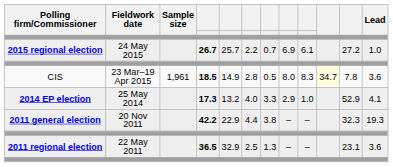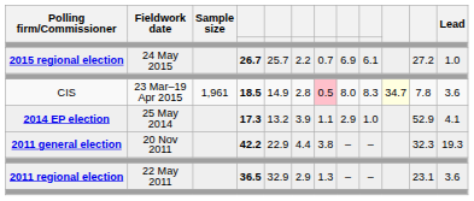 <table class="wikitable collapsible collapsed" style="text-align:center; font-size:90%; line-height:14px;">
 <tr style="height:42px;">
 <th style="width:250px;" rowspan="2">Polling firm/Commissioner</th>
 <th style="width:125px;" rowspan="2">Fieldwork date</th>
 <th style="width:50px;" rowspan="2">Sample size</th>
 <th style="width:35px;"></th>
 <th style="width:35px;"></th>
 <th style="width:35px;"></th>
 <th style="width:35px;"></th>
 <th style="width:35px;"></th>
 <th style="width:35px;"></th>
 <th style="width:35px;" rowspan="2"></th>
 <th style="width:35px;" rowspan="2"></th>
 <th style="width:30px;" rowspan="2">Lead</th>
 </tr>
 <tr>
 <th style="color:inherit;background:"></th>
 <th style="color:inherit;background:"></th>
 <th style="color:inherit;background:"></th>
 <th style="color:inherit;background:"></th>
 <th style="color:inherit;background:"></th>
 <th style="color:inherit;background:"></th>
 </tr>
 <tr>
 <td colspan="12" style="background:#A0A0A0"></td>
 </tr>
 <tr style="background:#EFEFEF;">
 <td><strong><a href='#'>2015 regional election</a></strong></td>
 <td>24 May 2015</td>
 <td></td>
 <td><strong>26.7</strong></td>
 <td>25.7</td>
 <td>2.2</td>
 <td>0.7</td>
 <td>6.9</td>
 <td>6.1</td>
 <td></td>
 <td>27.2</td>
 <td style="background:">1.0</td>
 </tr>
 <tr>
 <td colspan="12" style="background:#A0A0A0"></td>
 </tr>
 <tr>
 <td>CIS</td>
 <td>23 Mar–19 Apr 2015</td>
 <td>1,961</td>
 <td><strong>18.5</strong></td>
 <td>14.9</td>
 <td>2.8</td>
-<td>0.5</td>
+<td style="background: pink;">0.5</td>
 <td>8.0</td>
 <td>8.3</td>
 <td style="background: lightyellow;">34.7</td>
 <td>7.8</td>
 <td style="background:">3.6</td>
 </tr>
 <tr style="background:#EFEFEF;">
 <td><strong><a href='#'>2014 EP election</a></strong></td>
 <td>25 May 2014</td>
 <td></td>
 <td><strong>17.3</strong></td>
 <td>13.2</td>
-<td>4.0</td>
-<td>3.3</td>
+<td>3.9</td>
+<td>1.1</td>
 <td>2.9</td>
 <td>1.0</td>
 <td></td>
 <td>52.9</td>
 <td style="background:">4.1</td>
 </tr>
 <tr style="background:#EFEFEF;">
 <td><strong><a href='#'>2011 general election</a></strong></td>
 <td>20 Nov 2011</td>
 <td></td>
 <td><strong>42.2</strong></td>
 <td>22.9</td>
 <td>4.4</td>
 <td>3.8</td>
 <td>–</td>
 <td>–</td>
 <td></td>
 <td>32.3</td>
 <td style="background:">19.3</td>
 </tr>
 <tr>
 <td colspan="12" style="background:#A0A0A0"></td>
 </tr>
 <tr style="background:#EFEFEF;">
 <td><strong><a href='#'>2011 regional election</a></strong></td>
 <td>22 May 2011</td>
 <td></td>
 <td><strong>36.5</strong></td>
 <td>32.9</td>
-<td>2.5</td>
+<td>2.9</td>
 <td>1.3</td>
 <td>–</td>
 <td>–</td>
 <td></td>
 <td>23.1</td>
 <td style="background:">3.6</td>
 </tr>
 <tr>
 <td colspan="12" style="background:#A0A0A0"></td>
 </tr>
 </table>
